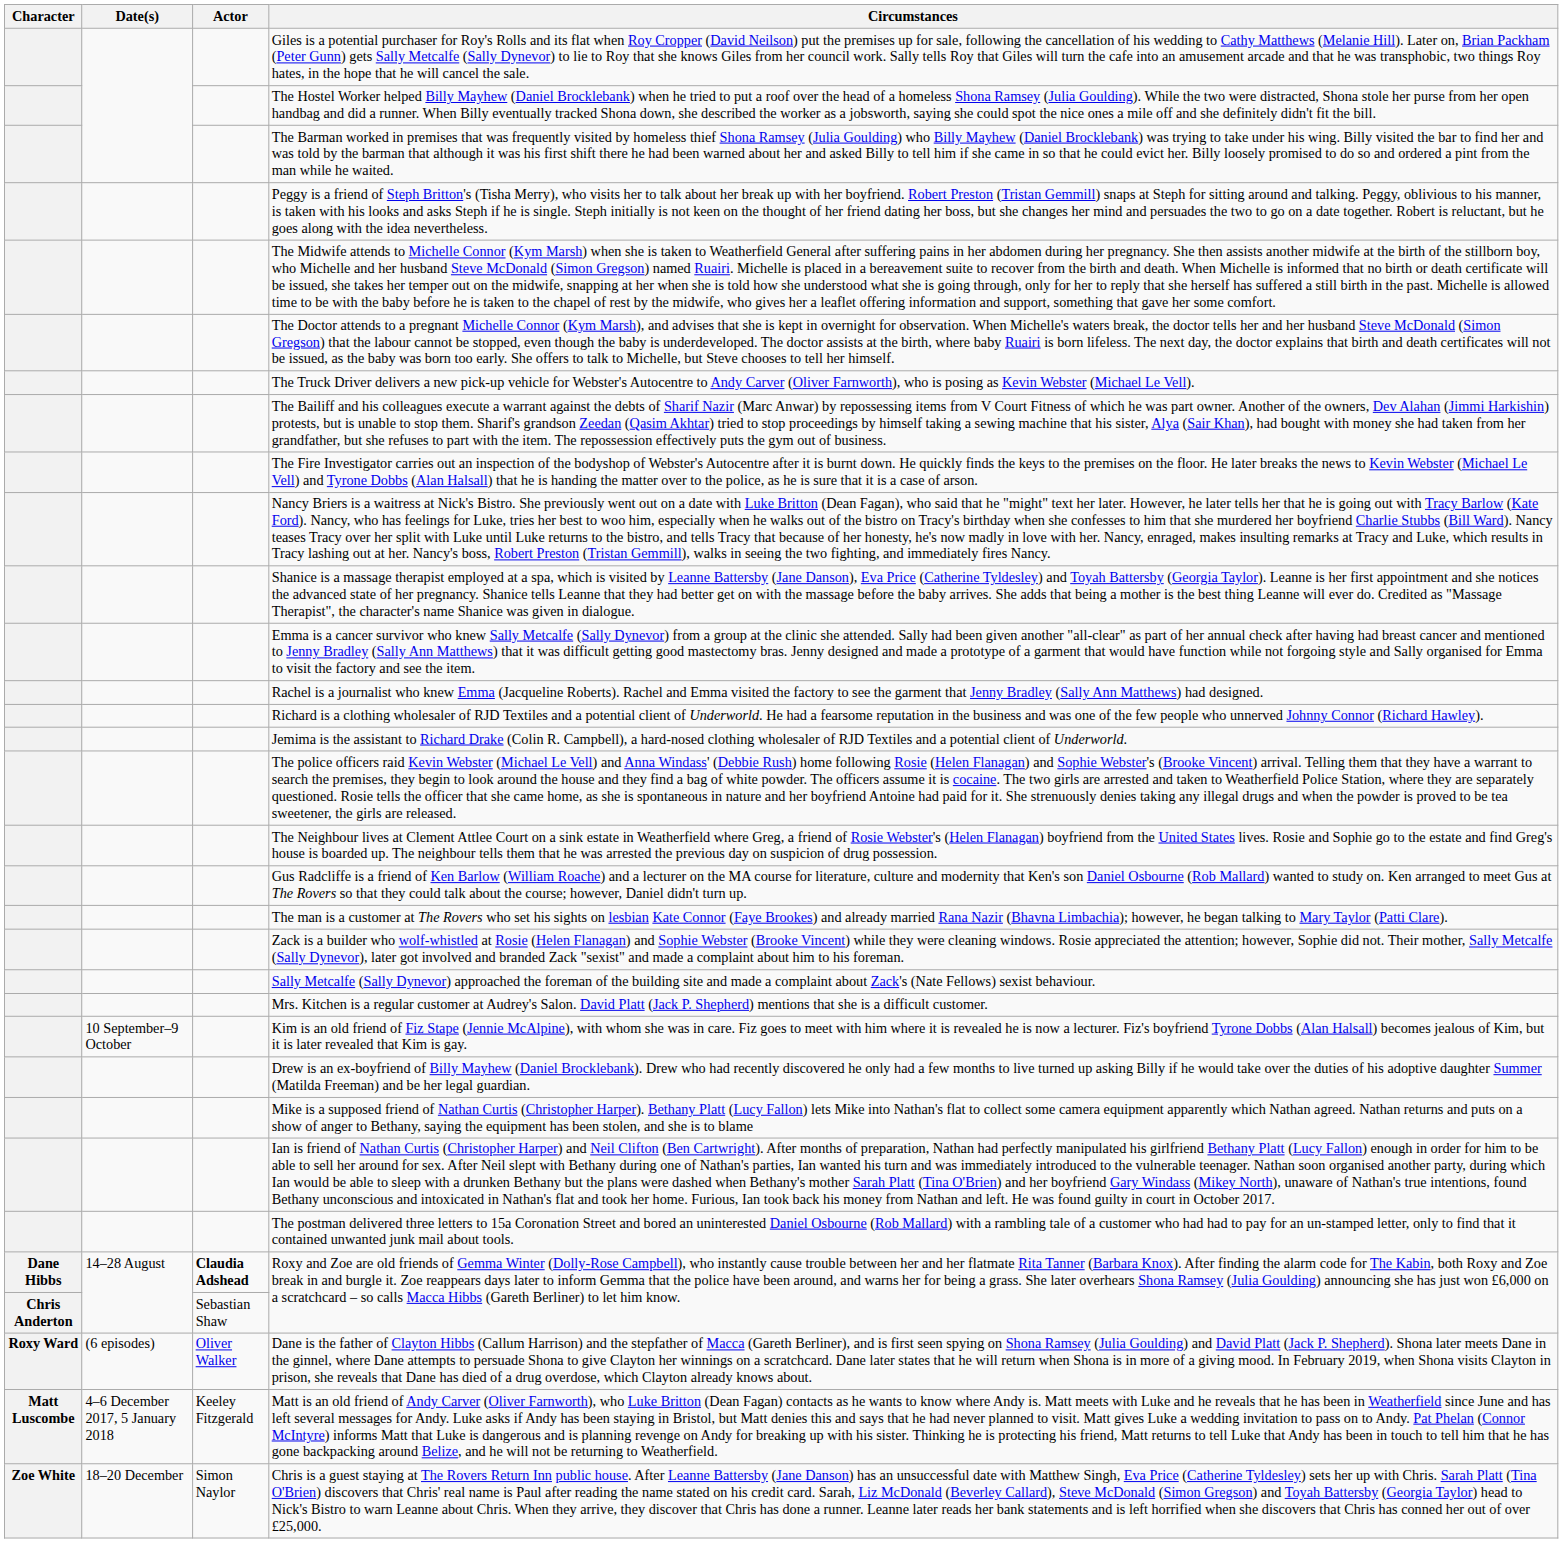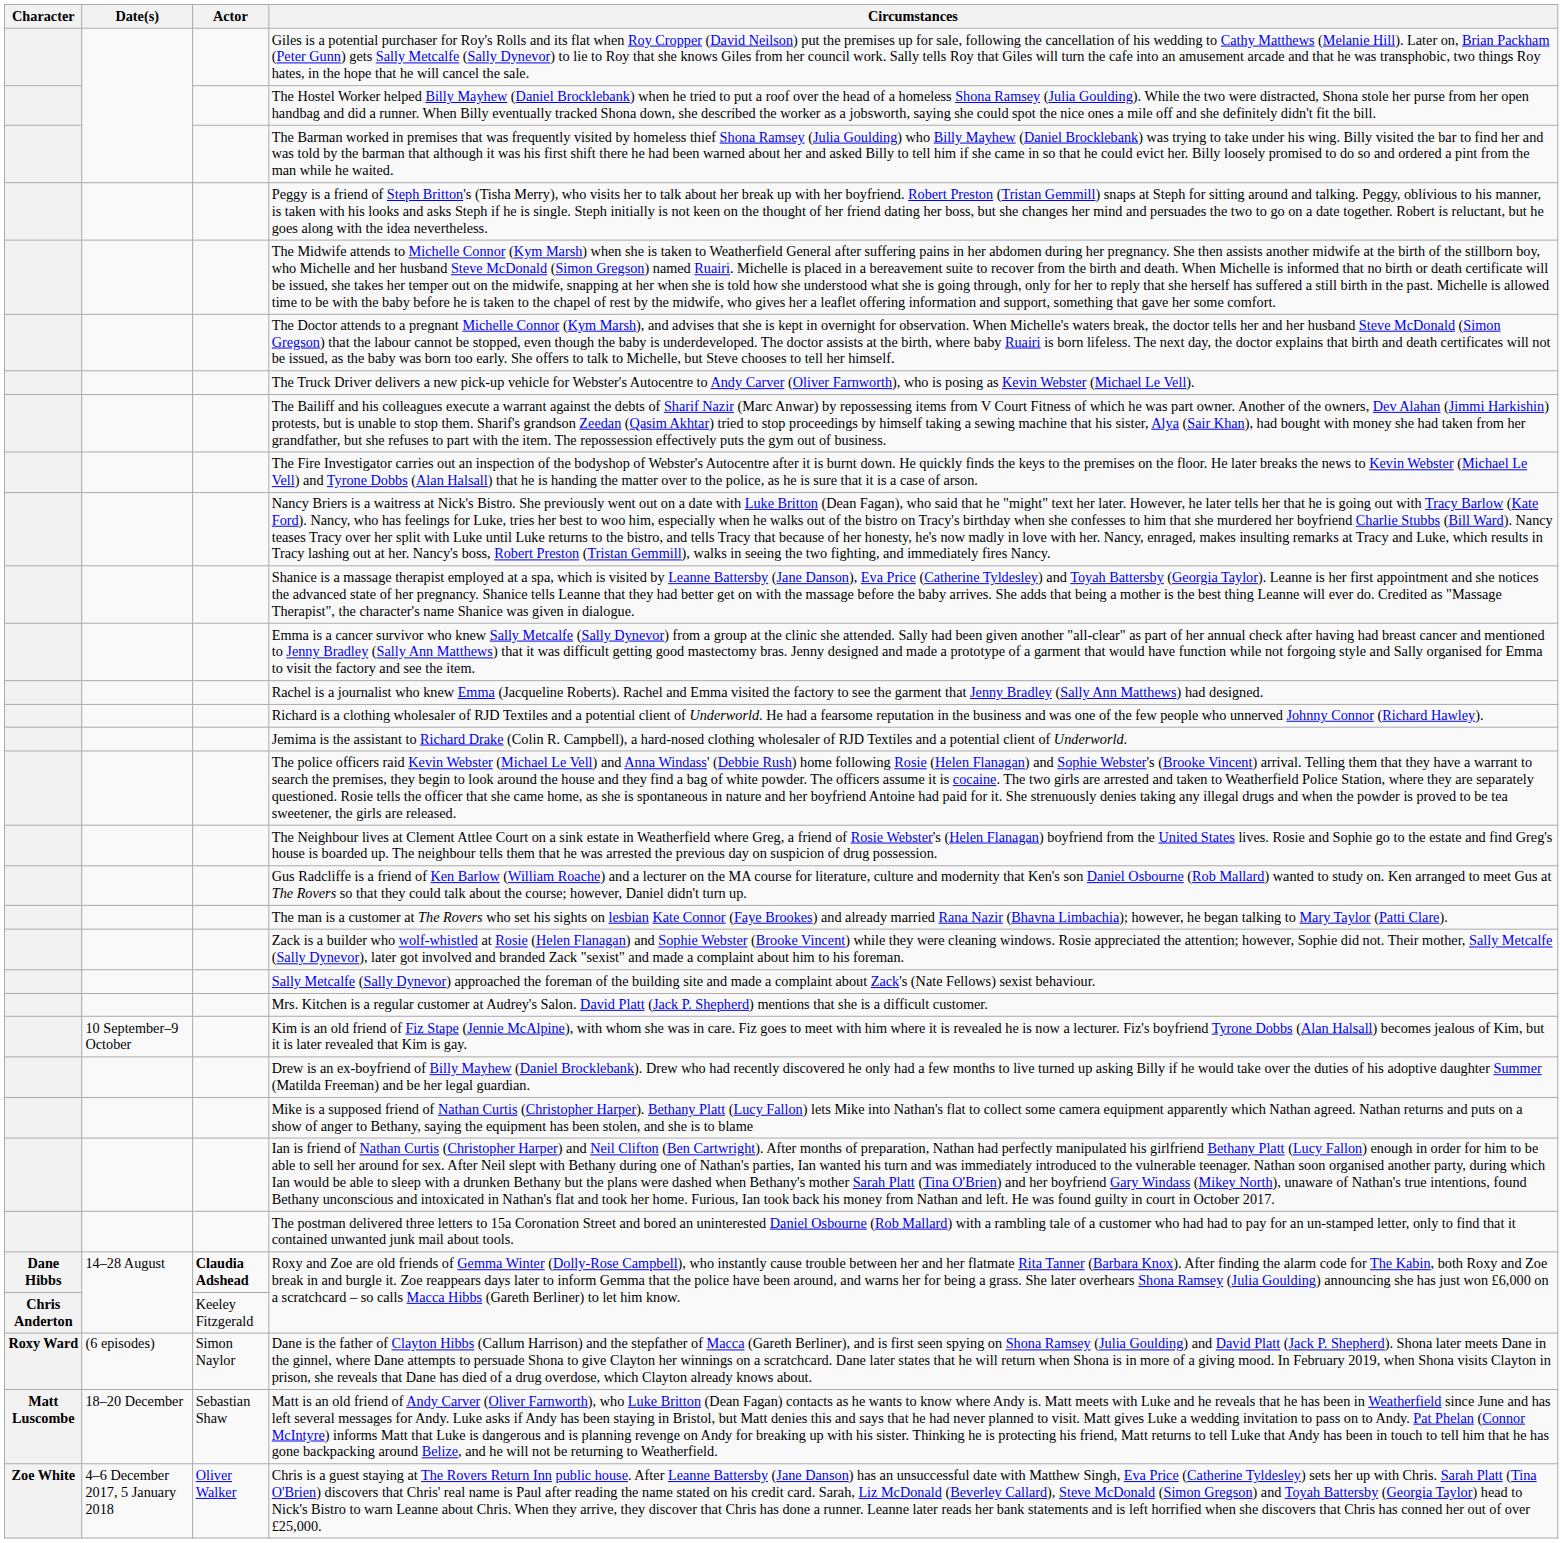 <table class="wikitable plainrowheaders" style="font-size:90%">
 <tr>
 <th scope="col">Character</th>
 <th scope="col">Date(s)</th>
 <th scope="col">Actor</th>
 <th scope="col">Circumstances</th>
 </tr>
 <tr valign="top">
 <th scope="row"></th>
 <td rowspan="3"></td>
 <td></td>
 <td>Giles is a potential purchaser for Roy's Rolls and its flat when <a href='#'>Roy Cropper</a> (<a href='#'>David Neilson</a>) put the premises up for sale, following the cancellation of his wedding to <a href='#'>Cathy Matthews</a> (<a href='#'>Melanie Hill</a>). Later on, <a href='#'>Brian Packham</a> (<a href='#'>Peter Gunn</a>) gets <a href='#'>Sally Metcalfe</a> (<a href='#'>Sally Dynevor</a>) to lie to Roy that she knows Giles from her council work. Sally tells Roy that Giles will turn the cafe into an amusement arcade and that he was transphobic, two things Roy hates, in the hope that he will cancel the sale.</td>
 </tr>
 <tr valign="top">
 <th scope="row"></th>
 <td></td>
 <td>The Hostel Worker helped <a href='#'>Billy Mayhew</a> (<a href='#'>Daniel Brocklebank</a>) when he tried to put a roof over the head of a homeless <a href='#'>Shona Ramsey</a> (<a href='#'>Julia Goulding</a>). While the two were distracted, Shona stole her purse from her open handbag and did a runner. When Billy eventually tracked Shona down, she described the worker as a jobsworth, saying she could spot the nice ones a mile off and she definitely didn't fit the bill.</td>
 </tr>
 <tr valign="top">
 <th scope="row"></th>
 <td></td>
 <td>The Barman worked in premises that was frequently visited by homeless thief <a href='#'>Shona Ramsey</a> (<a href='#'>Julia Goulding</a>) who <a href='#'>Billy Mayhew</a> (<a href='#'>Daniel Brocklebank</a>) was trying to take under his wing. Billy visited the bar to find her and was told by the barman that although it was his first shift there he had been warned about her and asked Billy to tell him if she came in so that he could evict her. Billy loosely promised to do so and ordered a pint from the man while he waited.</td>
 </tr>
 <tr valign="top">
 <th scope="row"></th>
 <td></td>
 <td></td>
 <td>Peggy is a friend of <a href='#'>Steph Britton</a>'s (Tisha Merry), who visits her to talk about her break up with her boyfriend. <a href='#'>Robert Preston</a> (<a href='#'>Tristan Gemmill</a>) snaps at Steph for sitting around and talking. Peggy, oblivious to his manner, is taken with his looks and asks Steph if he is single. Steph initially is not keen on the thought of her friend dating her boss, but she changes her mind and persuades the two to go on a date together. Robert is reluctant, but he goes along with the idea nevertheless.</td>
 </tr>
 <tr valign="top">
 <th scope="row"></th>
 <td></td>
 <td></td>
 <td>The Midwife attends to <a href='#'>Michelle Connor</a> (<a href='#'>Kym Marsh</a>) when she is taken to Weatherfield General after suffering pains in her abdomen during her pregnancy. She then assists another midwife at the birth of the stillborn boy, who Michelle and her husband <a href='#'>Steve McDonald</a> (<a href='#'>Simon Gregson</a>) named <a href='#'>Ruairi</a>. Michelle is placed in a bereavement suite to recover from the birth and death. When Michelle is informed that no birth or death certificate will be issued, she takes her temper out on the midwife, snapping at her when she is told how she understood what she is going through, only for her to reply that she herself has suffered a still birth in the past. Michelle is allowed time to be with the baby before he is taken to the chapel of rest by the midwife, who gives her a leaflet offering information and support, something that gave her some comfort.</td>
 </tr>
 <tr valign="top">
 <th scope="row"></th>
 <td></td>
 <td></td>
 <td>The Doctor attends to a pregnant <a href='#'>Michelle Connor</a> (<a href='#'>Kym Marsh</a>), and advises that she is kept in overnight for observation. When Michelle's waters break, the doctor tells her and her husband <a href='#'>Steve McDonald</a> (<a href='#'>Simon Gregson</a>) that the labour cannot be stopped, even though the baby is underdeveloped. The doctor assists at the birth, where baby <a href='#'>Ruairi</a> is born lifeless. The next day, the doctor explains that birth and death certificates will not be issued, as the baby was born too early. She offers to talk to Michelle, but Steve chooses to tell her himself.</td>
 </tr>
 <tr valign="top">
 <th scope="row"></th>
 <td></td>
 <td></td>
 <td>The Truck Driver delivers a new pick-up vehicle for Webster's Autocentre to <a href='#'>Andy Carver</a> (<a href='#'>Oliver Farnworth</a>), who is posing as <a href='#'>Kevin Webster</a> (<a href='#'>Michael Le Vell</a>).</td>
 </tr>
 <tr valign="top">
 <th scope="row"></th>
 <td></td>
 <td></td>
 <td>The Bailiff and his colleagues execute a warrant against the debts of <a href='#'>Sharif Nazir</a> (Marc Anwar) by repossessing items from V Court Fitness of which he was part owner. Another of the owners, <a href='#'>Dev Alahan</a> (<a href='#'>Jimmi Harkishin</a>) protests, but is unable to stop them. Sharif's grandson <a href='#'>Zeedan</a> (<a href='#'>Qasim Akhtar</a>) tried to stop proceedings by himself taking a sewing machine that his sister, <a href='#'>Alya</a> (<a href='#'>Sair Khan</a>), had bought with money she had taken from her grandfather, but she refuses to part with the item. The repossession effectively puts the gym out of business.</td>
 </tr>
 <tr valign="top">
 <th scope="row"></th>
 <td></td>
 <td></td>
 <td>The Fire Investigator carries out an inspection of the bodyshop of Webster's Autocentre after it is burnt down. He quickly finds the keys to the premises on the floor. He later breaks the news to <a href='#'>Kevin Webster</a> (<a href='#'>Michael Le Vell</a>) and <a href='#'>Tyrone Dobbs</a> (<a href='#'>Alan Halsall</a>) that he is handing the matter over to the police, as he is sure that it is a case of arson.</td>
 </tr>
 <tr valign="top">
 <th scope="row"></th>
 <td></td>
 <td></td>
 <td>Nancy Briers is a waitress at Nick's Bistro. She previously went out on a date with <a href='#'>Luke Britton</a> (Dean Fagan), who said that he "might" text her later. However, he later tells her that he is going out with <a href='#'>Tracy Barlow</a> (<a href='#'>Kate Ford</a>). Nancy, who has feelings for Luke, tries her best to woo him, especially when he walks out of the bistro on Tracy's birthday when she confesses to him that she murdered her boyfriend <a href='#'>Charlie Stubbs</a> (<a href='#'>Bill Ward</a>). Nancy teases Tracy over her split with Luke until Luke returns to the bistro, and tells Tracy that because of her honesty, he's now madly in love with her. Nancy, enraged, makes insulting remarks at Tracy and Luke, which results in Tracy lashing out at her. Nancy's boss, <a href='#'>Robert Preston</a> (<a href='#'>Tristan Gemmill</a>), walks in seeing the two fighting, and immediately fires Nancy.</td>
 </tr>
 <tr valign="top">
 <th scope="row"></th>
 <td></td>
 <td></td>
 <td>Shanice is a massage therapist employed at a spa, which is visited by <a href='#'>Leanne Battersby</a> (<a href='#'>Jane Danson</a>), <a href='#'>Eva Price</a> (<a href='#'>Catherine Tyldesley</a>) and <a href='#'>Toyah Battersby</a> (<a href='#'>Georgia Taylor</a>). Leanne is her first appointment and she notices the advanced state of her pregnancy. Shanice tells Leanne that they had better get on with the massage before the baby arrives. She adds that being a mother is the best thing Leanne will ever do. Credited as "Massage Therapist", the character's name Shanice was given in dialogue.</td>
 </tr>
 <tr valign="top">
 <th scope="row"></th>
 <td></td>
 <td></td>
 <td>Emma is a cancer survivor who knew <a href='#'>Sally Metcalfe</a> (<a href='#'>Sally Dynevor</a>) from a group at the clinic she attended. Sally had been given another "all-clear" as part of her annual check after having had breast cancer and mentioned to <a href='#'>Jenny Bradley</a> (<a href='#'>Sally Ann Matthews</a>) that it was difficult getting good mastectomy bras. Jenny designed and made a prototype of a garment that would have function while not forgoing style and Sally organised for Emma to visit the factory and see the item.</td>
 </tr>
 <tr valign="top">
 <th scope="row"></th>
 <td></td>
 <td></td>
 <td>Rachel is a journalist who knew <a href='#'>Emma</a> (Jacqueline Roberts). Rachel and Emma visited the factory to see the garment that <a href='#'>Jenny Bradley</a> (<a href='#'>Sally Ann Matthews</a>) had designed.</td>
 </tr>
 <tr valign="top">
 <th scope="row"></th>
 <td></td>
 <td></td>
 <td>Richard is a clothing wholesaler of RJD Textiles and a potential client of <em>Underworld</em>. He had a fearsome reputation in the business and was one of the few people who unnerved <a href='#'>Johnny Connor</a> (<a href='#'>Richard Hawley</a>).</td>
 </tr>
 <tr valign="top">
 <th scope="row"></th>
 <td></td>
 <td></td>
 <td>Jemima is the assistant to <a href='#'>Richard Drake</a> (Colin R. Campbell), a hard-nosed clothing wholesaler of RJD Textiles and a potential client of <em>Underworld</em>.</td>
 </tr>
 <tr valign="top">
 <th scope="row"></th>
 <td></td>
 <td></td>
 <td>The police officers raid <a href='#'>Kevin Webster</a> (<a href='#'>Michael Le Vell</a>) and <a href='#'>Anna Windass</a>' (<a href='#'>Debbie Rush</a>) home following <a href='#'>Rosie</a> (<a href='#'>Helen Flanagan</a>) and <a href='#'>Sophie Webster</a>'s (<a href='#'>Brooke Vincent</a>) arrival. Telling them that they have a warrant to search the premises, they begin to look around the house and they find a bag of white powder. The officers assume it is <a href='#'>cocaine</a>. The two girls are arrested and taken to Weatherfield Police Station, where they are separately questioned. Rosie tells the officer that she came home, as she is spontaneous in nature and her boyfriend Antoine had paid for it. She strenuously denies taking any illegal drugs and when the powder is proved to be tea sweetener, the girls are released.</td>
 </tr>
 <tr valign="top">
 <th scope="row"></th>
 <td></td>
 <td></td>
 <td>The Neighbour lives at Clement Attlee Court on a sink estate in Weatherfield where Greg, a friend of <a href='#'>Rosie Webster</a>'s (<a href='#'>Helen Flanagan</a>) boyfriend from the <a href='#'>United States</a> lives. Rosie and Sophie go to the estate and find Greg's house is boarded up. The neighbour tells them that he was arrested the previous day on suspicion of drug possession.</td>
 </tr>
 <tr valign="top">
 <th scope="row"></th>
 <td></td>
 <td></td>
 <td>Gus Radcliffe is a friend of <a href='#'>Ken Barlow</a> (<a href='#'>William Roache</a>) and a lecturer on the MA course for literature, culture and modernity that Ken's son <a href='#'>Daniel Osbourne</a> (<a href='#'>Rob Mallard</a>) wanted to study on. Ken arranged to meet Gus at <em>The Rovers</em> so that they could talk about the course; however, Daniel didn't turn up.</td>
 </tr>
 <tr valign="top">
 <th scope="row"></th>
 <td></td>
 <td></td>
 <td>The man is a customer at <em>The Rovers</em> who set his sights on <a href='#'>lesbian</a> <a href='#'>Kate Connor</a> (<a href='#'>Faye Brookes</a>) and already married <a href='#'>Rana Nazir</a> (<a href='#'>Bhavna Limbachia</a>); however, he began talking to <a href='#'>Mary Taylor</a> (<a href='#'>Patti Clare</a>).</td>
 </tr>
 <tr valign="top">
 <th scope="row"></th>
 <td></td>
 <td></td>
 <td>Zack is a builder who <a href='#'>wolf-whistled</a> at <a href='#'>Rosie</a> (<a href='#'>Helen Flanagan</a>) and <a href='#'>Sophie Webster</a> (<a href='#'>Brooke Vincent</a>) while they were cleaning windows. Rosie appreciated the attention; however, Sophie did not. Their mother, <a href='#'>Sally Metcalfe</a> (<a href='#'>Sally Dynevor</a>), later got involved and branded Zack "sexist" and made a complaint about him to his foreman.</td>
 </tr>
 <tr valign="top">
 <th scope="row"></th>
 <td></td>
 <td></td>
 <td><a href='#'>Sally Metcalfe</a> (<a href='#'>Sally Dynevor</a>) approached the foreman of the building site and made a complaint about <a href='#'>Zack</a>'s (Nate Fellows) sexist behaviour.</td>
 </tr>
 <tr valign="top">
 <th scope="row"></th>
 <td></td>
 <td></td>
 <td>Mrs. Kitchen is a regular customer at Audrey's Salon. <a href='#'>David Platt</a> (<a href='#'>Jack P. Shepherd</a>) mentions that she is a difficult customer.</td>
 </tr>
 <tr valign="top">
 <th scope="row"></th>
 <td>10 September–9 October</td>
 <td></td>
 <td>Kim is an old friend of <a href='#'>Fiz Stape</a> (<a href='#'>Jennie McAlpine</a>), with whom she was in care. Fiz goes to meet with him where it is revealed he is now a lecturer. Fiz's boyfriend <a href='#'>Tyrone Dobbs</a> (<a href='#'>Alan Halsall</a>) becomes jealous of Kim, but it is later revealed that Kim is gay.</td>
 </tr>
 <tr valign="top">
 <th scope="row"></th>
 <td></td>
 <td></td>
 <td>Drew is an ex-boyfriend of <a href='#'>Billy Mayhew</a> (<a href='#'>Daniel Brocklebank</a>). Drew who had recently discovered he only had a few months to live turned up asking Billy if he would take over the duties of his adoptive daughter <a href='#'>Summer</a> (Matilda Freeman) and be her legal guardian.</td>
 </tr>
 <tr valign="top">
 <th scope="row"></th>
 <td></td>
 <td></td>
 <td>Mike is a supposed friend of <a href='#'>Nathan Curtis</a> (<a href='#'>Christopher Harper</a>). <a href='#'>Bethany Platt</a> (<a href='#'>Lucy Fallon</a>) lets Mike into Nathan's flat to collect some camera equipment apparently which Nathan agreed. Nathan returns and puts on a show of anger to Bethany, saying the equipment has been stolen, and she is to blame</td>
 </tr>
 <tr valign="top">
 <th scope="row"></th>
 <td></td>
 <td></td>
 <td>Ian is friend of <a href='#'>Nathan Curtis</a> (<a href='#'>Christopher Harper</a>) and <a href='#'>Neil Clifton</a> (<a href='#'>Ben Cartwright</a>). After months of preparation, Nathan had perfectly manipulated his girlfriend <a href='#'>Bethany Platt</a> (<a href='#'>Lucy Fallon</a>) enough in order for him to be able to sell her around for sex. After Neil slept with Bethany during one of Nathan's parties, Ian wanted his turn and was immediately introduced to the vulnerable teenager. Nathan soon organised another party, during which Ian would be able to sleep with a drunken Bethany but the plans were dashed when Bethany's mother <a href='#'>Sarah Platt</a> (<a href='#'>Tina O'Brien</a>) and her boyfriend <a href='#'>Gary Windass</a> (<a href='#'>Mikey North</a>), unaware of Nathan's true intentions, found Bethany unconscious and intoxicated in Nathan's flat and took her home. Furious, Ian took back his money from Nathan and left. He was found guilty in court in October 2017.</td>
 </tr>
 <tr valign="top">
 <th scope="row"></th>
 <td></td>
 <td></td>
 <td>The postman delivered three letters to 15a Coronation Street and bored an uninterested <a href='#'>Daniel Osbourne</a> (<a href='#'>Rob Mallard</a>) with a rambling tale of a customer who had had to pay for an un-stamped letter, only to find that it contained unwanted junk mail about tools.</td>
 </tr>
 <tr valign="top">
 <th scope="row">Dane Hibbs</th>
 <td rowspan="2">14–28 August</td>
 <td><strong>Claudia Adshead</strong></td>
 <td rowspan="2">Roxy and Zoe are old friends of <a href='#'>Gemma Winter</a> (<a href='#'>Dolly-Rose Campbell</a>), who instantly cause trouble between her and her flatmate <a href='#'>Rita Tanner</a> (<a href='#'>Barbara Knox</a>). After finding the alarm code for <a href='#'>The Kabin</a>, both Roxy and Zoe break in and burgle it. Zoe reappears days later to inform Gemma that the police have been around, and warns her for being a grass. She later overhears <a href='#'>Shona Ramsey</a> (<a href='#'>Julia Goulding</a>) announcing she has just won £6,000 on a scratchcard – so calls <a href='#'>Macca Hibbs</a> (Gareth Berliner) to let him know.</td>
 </tr>
 <tr valign="top">
 <th scope="row">Chris Anderton</th>
-<td>Sebastian Shaw</td>
+<td>Keeley Fitzgerald</td>
 </tr>
 <tr valign="top">
 <th scope="row">Roxy Ward</th>
 <td> (6 episodes)</td>
-<td><a href='#'>Oliver Walker</a></td>
+<td>Simon Naylor</td>
 <td>Dane is the father of <a href='#'>Clayton Hibbs</a> (Callum Harrison) and the stepfather of <a href='#'>Macca</a> (Gareth Berliner), and is first seen spying on <a href='#'>Shona Ramsey</a> (<a href='#'>Julia Goulding</a>) and <a href='#'>David Platt</a> (<a href='#'>Jack P. Shepherd</a>). Shona later meets Dane in the ginnel, where Dane attempts to persuade Shona to give Clayton her winnings on a scratchcard. Dane later states that he will return when Shona is in more of a giving mood. In February 2019, when Shona visits Clayton in prison, she reveals that Dane has died of a drug overdose, which Clayton already knows about.</td>
 </tr>
 <tr valign="top">
 <th scope="row">Matt Luscombe</th>
-<td>4–6 December 2017, 5 January 2018</td>
-<td>Keeley Fitzgerald</td>
+<td>18–20 December</td>
+<td>Sebastian Shaw</td>
 <td>Matt is an old friend of <a href='#'>Andy Carver</a> (<a href='#'>Oliver Farnworth</a>), who <a href='#'>Luke Britton</a> (Dean Fagan) contacts as he wants to know where Andy is. Matt meets with Luke and he reveals that he has been in <a href='#'>Weatherfield</a> since June and has left several messages for Andy. Luke asks if Andy has been staying in Bristol, but Matt denies this and says that he had never planned to visit. Matt gives Luke a wedding invitation to pass on to Andy. <a href='#'>Pat Phelan</a> (<a href='#'>Connor McIntyre</a>) informs Matt that Luke is dangerous and is planning revenge on Andy for breaking up with his sister. Thinking he is protecting his friend, Matt returns to tell Luke that Andy has been in touch to tell him that he has gone backpacking around <a href='#'>Belize</a>, and he will not be returning to Weatherfield.</td>
 </tr>
 <tr valign="top">
 <th scope="row">Zoe White</th>
-<td>18–20 December</td>
-<td>Simon Naylor</td>
+<td>4–6 December 2017, 5 January 2018</td>
+<td><a href='#'>Oliver Walker</a></td>
 <td>Chris is a guest staying at <a href='#'>The Rovers Return Inn</a> <a href='#'>public house</a>. After <a href='#'>Leanne Battersby</a> (<a href='#'>Jane Danson</a>) has an unsuccessful date with Matthew Singh, <a href='#'>Eva Price</a> (<a href='#'>Catherine Tyldesley</a>) sets her up with Chris. <a href='#'>Sarah Platt</a> (<a href='#'>Tina O'Brien</a>) discovers that Chris' real name is Paul after reading the name stated on his credit card. Sarah, <a href='#'>Liz McDonald</a> (<a href='#'>Beverley Callard</a>), <a href='#'>Steve McDonald</a> (<a href='#'>Simon Gregson</a>) and <a href='#'>Toyah Battersby</a> (<a href='#'>Georgia Taylor</a>) head to Nick's Bistro to warn Leanne about Chris. When they arrive, they discover that Chris has done a runner. Leanne later reads her bank statements and is left horrified when she discovers that Chris has conned her out of over £25,000.</td>
 </tr>
 </table>
